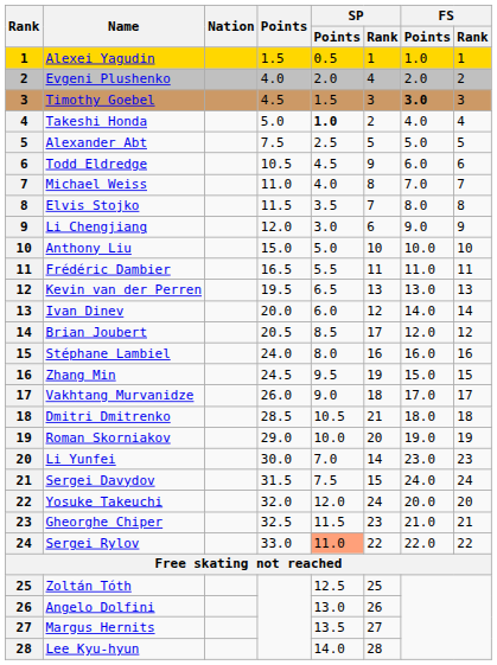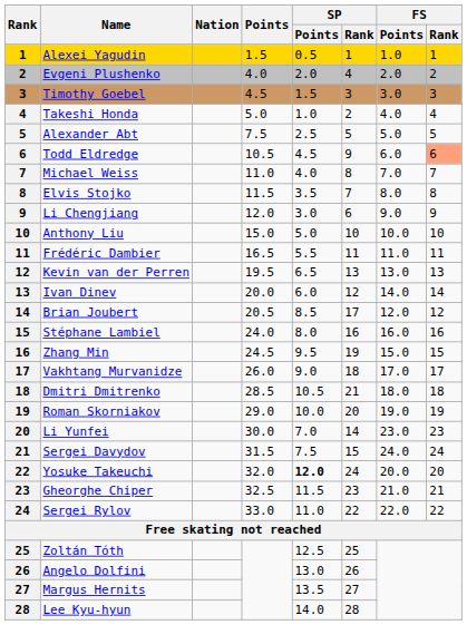 <table class="wikitable">
 <tr>
 <th rowspan="2">Rank</th>
 <th rowspan="2">Name</th>
 <th rowspan="2">Nation</th>
 <th rowspan="2">Points</th>
 <th colspan="2">SP</th>
 <th colspan="2">FS</th>
 </tr>
 <tr>
 <th>Points</th>
 <th>Rank</th>
 <th>Points</th>
 <th>Rank</th>
 </tr>
 <tr bgcolor="gold">
 <td align="center"><strong>1</strong></td>
 <td><a href='#'>Alexei Yagudin</a></td>
 <td></td>
 <td>1.5</td>
 <td>0.5</td>
 <td>1</td>
 <td>1.0</td>
 <td>1</td>
 </tr>
 <tr bgcolor="silver">
 <td align="center"><strong>2</strong></td>
 <td><a href='#'>Evgeni Plushenko</a></td>
 <td></td>
 <td>4.0</td>
 <td>2.0</td>
 <td>4</td>
 <td>2.0</td>
 <td>2</td>
 </tr>
 <tr bgcolor="cc9966">
 <td align="center"><strong>3</strong></td>
 <td><a href='#'>Timothy Goebel</a></td>
 <td></td>
 <td>4.5</td>
 <td>1.5</td>
 <td>3</td>
-<td><strong>3.0</strong></td>
+<td>3.0</td>
 <td>3</td>
 </tr>
 <tr>
 <th>4</th>
 <td><a href='#'>Takeshi Honda</a></td>
 <td></td>
 <td>5.0</td>
-<td><strong>1.0</strong></td>
+<td>1.0</td>
 <td>2</td>
 <td>4.0</td>
 <td>4</td>
 </tr>
 <tr>
 <th>5</th>
 <td><a href='#'>Alexander Abt</a></td>
 <td></td>
 <td>7.5</td>
 <td>2.5</td>
 <td>5</td>
 <td>5.0</td>
 <td>5</td>
 </tr>
 <tr>
 <th>6</th>
 <td><a href='#'>Todd Eldredge</a></td>
 <td></td>
 <td>10.5</td>
 <td>4.5</td>
 <td>9</td>
 <td>6.0</td>
-<td>6</td>
+<td style="background: lightsalmon;">6</td>
 </tr>
 <tr>
 <th>7</th>
 <td><a href='#'>Michael Weiss</a></td>
 <td></td>
 <td>11.0</td>
 <td>4.0</td>
 <td>8</td>
 <td>7.0</td>
 <td>7</td>
 </tr>
 <tr>
 <th>8</th>
 <td><a href='#'>Elvis Stojko</a></td>
 <td></td>
 <td>11.5</td>
 <td>3.5</td>
 <td>7</td>
 <td>8.0</td>
 <td>8</td>
 </tr>
 <tr>
 <th>9</th>
 <td><a href='#'>Li Chengjiang</a></td>
 <td></td>
 <td>12.0</td>
 <td>3.0</td>
 <td>6</td>
 <td>9.0</td>
 <td>9</td>
 </tr>
 <tr>
 <th>10</th>
 <td><a href='#'>Anthony Liu</a></td>
 <td></td>
 <td>15.0</td>
 <td>5.0</td>
 <td>10</td>
 <td>10.0</td>
 <td>10</td>
 </tr>
 <tr>
 <th>11</th>
 <td><a href='#'>Frédéric Dambier</a></td>
 <td></td>
 <td>16.5</td>
 <td>5.5</td>
 <td>11</td>
 <td>11.0</td>
 <td>11</td>
 </tr>
 <tr>
 <th>12</th>
 <td><a href='#'>Kevin van der Perren</a></td>
 <td></td>
 <td>19.5</td>
 <td>6.5</td>
 <td>13</td>
 <td>13.0</td>
 <td>13</td>
 </tr>
 <tr>
 <th>13</th>
 <td><a href='#'>Ivan Dinev</a></td>
 <td></td>
 <td>20.0</td>
 <td>6.0</td>
 <td>12</td>
 <td>14.0</td>
 <td>14</td>
 </tr>
 <tr>
 <th>14</th>
 <td><a href='#'>Brian Joubert</a></td>
 <td></td>
 <td>20.5</td>
 <td>8.5</td>
 <td>17</td>
 <td>12.0</td>
 <td>12</td>
 </tr>
 <tr>
 <th>15</th>
 <td><a href='#'>Stéphane Lambiel</a></td>
 <td></td>
 <td>24.0</td>
 <td>8.0</td>
 <td>16</td>
 <td>16.0</td>
 <td>16</td>
 </tr>
 <tr>
 <th>16</th>
 <td><a href='#'>Zhang Min</a></td>
 <td></td>
 <td>24.5</td>
 <td>9.5</td>
 <td>19</td>
 <td>15.0</td>
 <td>15</td>
 </tr>
 <tr>
 <th>17</th>
 <td><a href='#'>Vakhtang Murvanidze</a></td>
 <td></td>
 <td>26.0</td>
 <td>9.0</td>
 <td>18</td>
 <td>17.0</td>
 <td>17</td>
 </tr>
 <tr>
 <th>18</th>
 <td><a href='#'>Dmitri Dmitrenko</a></td>
 <td></td>
 <td>28.5</td>
 <td>10.5</td>
 <td>21</td>
 <td>18.0</td>
 <td>18</td>
 </tr>
 <tr>
 <th>19</th>
 <td><a href='#'>Roman Skorniakov</a></td>
 <td></td>
 <td>29.0</td>
 <td>10.0</td>
 <td>20</td>
 <td>19.0</td>
 <td>19</td>
 </tr>
 <tr>
 <th>20</th>
 <td><a href='#'>Li Yunfei</a></td>
 <td></td>
 <td>30.0</td>
 <td>7.0</td>
 <td>14</td>
 <td>23.0</td>
 <td>23</td>
 </tr>
 <tr>
 <th>21</th>
 <td><a href='#'>Sergei Davydov</a></td>
 <td></td>
 <td>31.5</td>
 <td>7.5</td>
 <td>15</td>
 <td>24.0</td>
 <td>24</td>
 </tr>
 <tr>
 <th>22</th>
 <td><a href='#'>Yosuke Takeuchi</a></td>
 <td></td>
 <td>32.0</td>
-<td>12.0</td>
+<td><strong>12.0</strong></td>
 <td>24</td>
 <td>20.0</td>
 <td>20</td>
 </tr>
 <tr>
 <th>23</th>
 <td><a href='#'>Gheorghe Chiper</a></td>
 <td></td>
 <td>32.5</td>
 <td>11.5</td>
 <td>23</td>
 <td>21.0</td>
 <td>21</td>
 </tr>
 <tr>
 <th>24</th>
 <td><a href='#'>Sergei Rylov</a></td>
 <td></td>
 <td>33.0</td>
-<td style="background: lightsalmon;">11.0</td>
+<td>11.0</td>
 <td>22</td>
 <td>22.0</td>
 <td>22</td>
 </tr>
 <tr>
 <th colspan="8"><strong>Free skating not reached</strong></th>
 </tr>
 <tr>
 <th>25</th>
 <td><a href='#'>Zoltán Tóth</a></td>
 <td></td>
 <td rowspan="4"></td>
 <td>12.5</td>
 <td>25</td>
 <td colspan="2" rowspan="4"></td>
 </tr>
 <tr>
 <th>26</th>
 <td><a href='#'>Angelo Dolfini</a></td>
 <td></td>
 <td>13.0</td>
 <td>26</td>
 </tr>
 <tr>
 <th>27</th>
 <td><a href='#'>Margus Hernits</a></td>
 <td></td>
 <td>13.5</td>
 <td>27</td>
 </tr>
 <tr>
 <th>28</th>
 <td><a href='#'>Lee Kyu-hyun</a></td>
 <td></td>
 <td>14.0</td>
 <td>28</td>
 </tr>
 </table>
